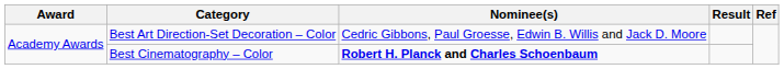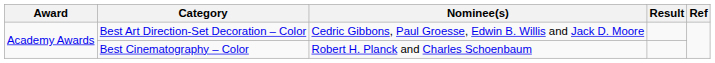 <table class="wikitable plainrowheaders">
 <tr>
 <th>Award</th>
 <th>Category</th>
 <th>Nominee(s)</th>
 <th>Result</th>
 <th>Ref</th>
 </tr>
 <tr>
 <td rowspan="2"><a href='#'>Academy Awards</a></td>
 <td><a href='#'>Best Art Direction-Set Decoration – Color</a></td>
 <td><a href='#'>Cedric Gibbons</a>, <a href='#'>Paul Groesse</a>, <a href='#'>Edwin B. Willis</a> and <a href='#'>Jack D. Moore</a></td>
 <td></td>
 <td align="center" rowspan="2"> <br> </td>
 </tr>
 <tr>
 <td><a href='#'>Best Cinematography – Color</a></td>
-<td><strong><a href='#'>Robert H. Planck</a> and <a href='#'>Charles Schoenbaum</a></strong></td>
+<td><a href='#'>Robert H. Planck</a> and <a href='#'>Charles Schoenbaum</a></td>
 <td></td>
 </tr>
 </table>
